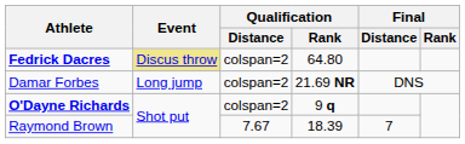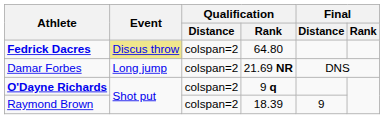 <table class=wikitable style="font-size:90%">
 <tr>
 <th rowspan="2">Athlete</th>
 <th rowspan="2">Event</th>
 <th colspan="2">Qualification</th>
 <th colspan="2">Final</th>
 </tr>
 <tr style="font-size:95%">
 <th>Distance</th>
 <th>Rank</th>
 <th>Distance</th>
 <th>Rank</th>
 </tr>
 <tr align=center>
 <td align=left><strong><a href='#'>Fedrick Dacres</a></strong></td>
 <td align=left style="background: khaki;"><a href='#'>Discus throw</a></td>
 <td>colspan=2 </td>
 <td>64.80</td>
 <td></td>
 </tr>
 <tr align=center>
 <td align=left><a href='#'>Damar Forbes</a></td>
 <td align=left><a href='#'>Long jump</a></td>
 <td>colspan=2 </td>
 <td>21.69 <strong>NR</strong></td>
 <td colspan=2>DNS</td>
 </tr>
 <tr align=center>
 <td align=left><strong><a href='#'>O'Dayne Richards</a></strong></td>
 <td align=left rowspan=2><a href='#'>Shot put</a></td>
 <td>colspan=2 </td>
 <td>9 <strong>q</strong></td>
 <td></td>
 </tr>
 <tr align=center>
 <td align=left><a href='#'>Raymond Brown</a></td>
-<td>7.67</td>
+<td>colspan=2 </td>
 <td>18.39</td>
-<td>7</td>
+<td>9</td>
 </tr>
 </table>
